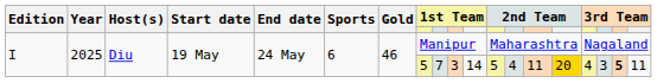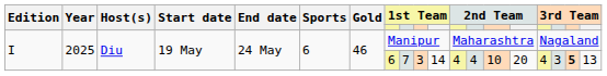 <table class="wikitable" style="text">
 <tr>
 <th rowspan="2">Edition</th>
 <th rowspan="2">Year</th>
 <th rowspan="2">Host(s)</th>
 <th rowspan="2">Start date</th>
 <th rowspan="2">End date</th>
 <th rowspan="2">Sports</th>
 <th rowspan="2">Gold</th>
 <th colspan="4" style="background:#f7f6a8;">1st Team</th>
 <th colspan="4" style="background:#dce5e5;">2nd Team</th>
 <th colspan="4" style="background:#ffdab9;">3rd Team</th>
 </tr>
 <tr>
 <th style="background:#f7f6a8;"></th>
 <th style="background:#dce5e5;"></th>
 <th style="background:#ffdab9;"></th>
 <th></th>
 <th style="background:#f7f6a8;"></th>
 <th style="background:#dce5e5;"></th>
 <th style="background:#ffdab9;"></th>
 <th></th>
 <th style="background:#f7f6a8;"></th>
 <th style="background:#dce5e5;"></th>
 <th style="background:#ffdab9;"></th>
 <th></th>
 </tr>
 <tr>
 <td rowspan="2">I</td>
 <td rowspan="2">2025</td>
 <td rowspan="2"><a href='#'>Diu</a></td>
 <td rowspan="2">19 May</td>
 <td rowspan="2">24 May</td>
 <td rowspan="2">6</td>
 <td rowspan="2">46</td>
 <td colspan="4"><a href='#'>Manipur</a></td>
 <td colspan="4"> <a href='#'>Maharashtra</a></td>
 <td colspan="4"><a href='#'>Nagaland</a></td>
 </tr>
 <tr>
-<td style="background:#f7f6a8;">5</td>
+<td style="background:#f7f6a8;">6</td>
 <td style="background:#dce5e5;">7</td>
 <td style="background:#ffdab9;">3</td>
 <td>14</td>
-<td style="background:#f7f6a8;">5</td>
+<td style="background:#f7f6a8;">4</td>
 <td style="background:#dce5e5;">4</td>
-<td style="background:#ffdab9;">11</td>
-<td style="background: gold;">20</td>
+<td style="background:#ffdab9;">10</td>
+<td>20</td>
 <td style="background:#f7f6a8;">4</td>
 <td style="background:#dce5e5;">3</td>
 <td style="background:#ffdab9;"><strong>5</strong></td>
-<td>11</td>
+<td>13</td>
 </tr>
 </table>
